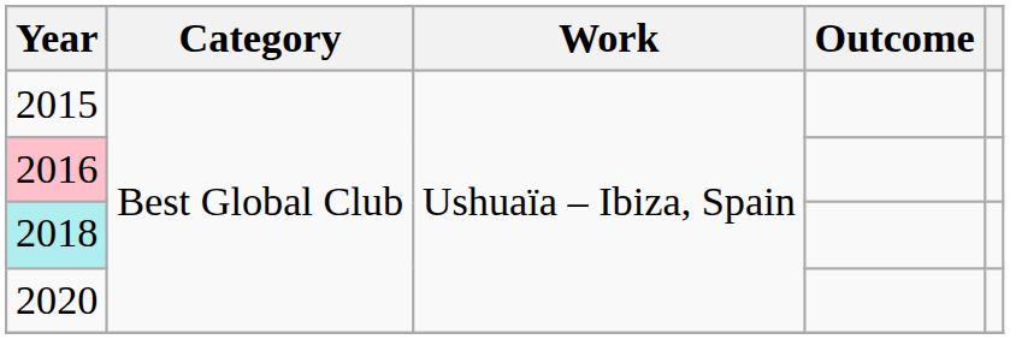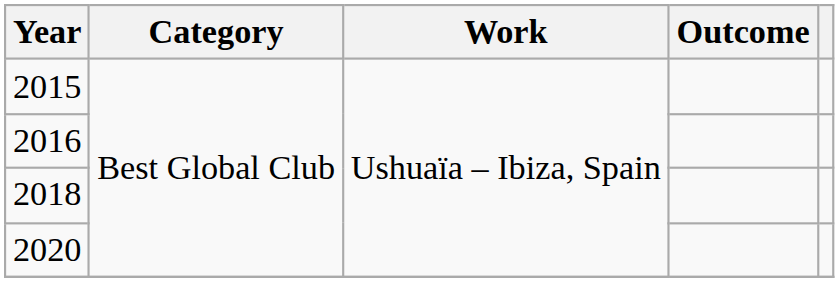 <table class="wikitable sortable">
 <tr>
 <th>Year</th>
 <th>Category</th>
 <th>Work</th>
 <th>Outcome</th>
 <th></th>
 </tr>
 <tr>
 <td>2015</td>
 <td rowspan="4">Best Global Club</td>
 <td rowspan="4">Ushuaïa – Ibiza, Spain</td>
 <td></td>
 <td></td>
 </tr>
 <tr>
-<td style="background: pink;">2016</td>
+<td>2016</td>
 <td></td>
 <td></td>
 </tr>
 <tr>
-<td style="background: paleturquoise;">2018</td>
+<td>2018</td>
 <td></td>
 <td></td>
 </tr>
 <tr>
 <td>2020</td>
 <td></td>
 <td></td>
 </tr>
 <tr>
 </tr>
 </table>
